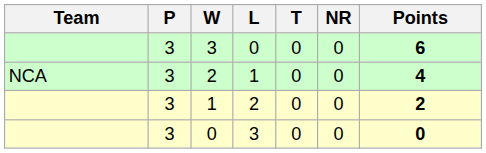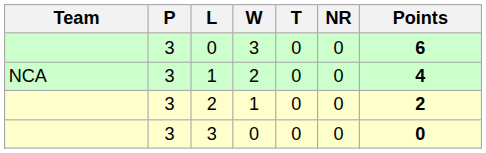 <table class="wikitable" style="text-align:center;">
 <tr>
 <th width=120>Team</th>
 <th width=30 abbr="Played">P</th>
+<th width=30 abbr="Lost">L</th>
 <th width=30 abbr="Won">W</th>
-<th width=30 abbr="Lost">L</th>
 <th width=30 abbr="Tied">T</th>
 <th width=30 abbr="No result">NR</th>
 <th width=100 abbr="Points">Points</th>
 </tr>
 <tr bgcolor=ccffcc>
 <td align="left"></td>
 <td>3</td>
+<td>0</td>
 <td>3</td>
-<td>0</td>
 <td>0</td>
 <td>0</td>
 <td><strong>6</strong></td>
 </tr>
 <tr bgcolor=ccffcc>
 <td align="left"> NCA</td>
 <td>3</td>
+<td>1</td>
 <td>2</td>
-<td>1</td>
 <td>0</td>
 <td>0</td>
 <td><strong>4</strong></td>
 </tr>
 <tr bgcolor=ffffcc>
 <td align="left"></td>
 <td>3</td>
+<td>2</td>
 <td>1</td>
-<td>2</td>
 <td>0</td>
 <td>0</td>
 <td><strong>2</strong></td>
 </tr>
 <tr bgcolor=ffffcc>
 <td align="left"></td>
 <td>3</td>
+<td>3</td>
 <td>0</td>
-<td>3</td>
 <td>0</td>
 <td>0</td>
 <td><strong>0</strong></td>
 </tr>
 </table>
